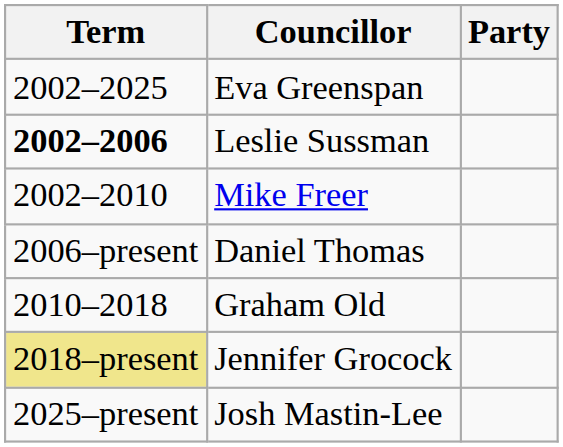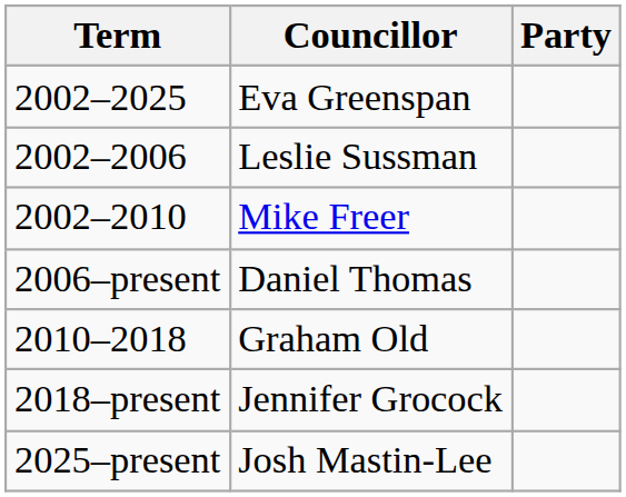 <table class="wikitable">
 <tr>
 <th>Term</th>
 <th>Councillor</th>
 <th colspan=2>Party</th>
 </tr>
 <tr>
 <td>2002–2025</td>
 <td>Eva Greenspan</td>
 <td></td>
 </tr>
 <tr>
-<td><strong>2002–2006</strong></td>
+<td>2002–2006</td>
 <td>Leslie Sussman</td>
 <td></td>
 </tr>
 <tr>
 <td>2002–2010</td>
 <td><a href='#'>Mike Freer</a></td>
 <td></td>
 </tr>
 <tr>
 <td>2006–present</td>
 <td>Daniel Thomas</td>
 <td></td>
 </tr>
 <tr>
 <td>2010–2018</td>
 <td>Graham Old</td>
 <td></td>
 </tr>
 <tr>
-<td style="background: khaki;">2018–present</td>
+<td>2018–present</td>
 <td>Jennifer Grocock</td>
 <td></td>
 </tr>
 <tr>
 <td>2025–present</td>
 <td>Josh Mastin-Lee</td>
 <td></td>
 </tr>
 </table>
